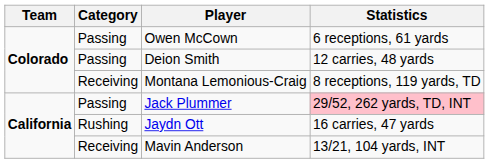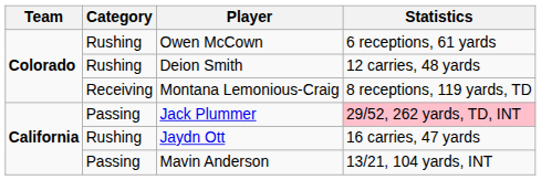 <table class="wikitable" style="float: right;">
 <tr>
 <th>Team</th>
 <th>Category</th>
 <th>Player</th>
 <th>Statistics</th>
 </tr>
 <tr>
 <td rowspan=3><strong>Colorado</strong></td>
-<td>Passing</td>
+<td>Rushing</td>
 <td>Owen McCown</td>
 <td>6 receptions, 61 yards</td>
 </tr>
 <tr>
-<td>Passing</td>
+<td>Rushing</td>
 <td>Deion Smith</td>
 <td>12 carries, 48 yards</td>
 </tr>
 <tr>
 <td>Receiving</td>
 <td>Montana Lemonious-Craig</td>
 <td>8 receptions, 119 yards, TD</td>
 </tr>
 <tr>
 <td rowspan=3><strong>California</strong></td>
 <td>Passing</td>
 <td><a href='#'>Jack Plummer</a></td>
 <td style="background: pink;">29/52, 262 yards, TD, INT</td>
 </tr>
 <tr>
 <td>Rushing</td>
 <td><a href='#'>Jaydn Ott</a></td>
 <td>16 carries, 47 yards</td>
 </tr>
 <tr>
-<td>Receiving</td>
+<td>Passing</td>
 <td>Mavin Anderson</td>
 <td>13/21, 104 yards, INT</td>
 </tr>
 </table>
